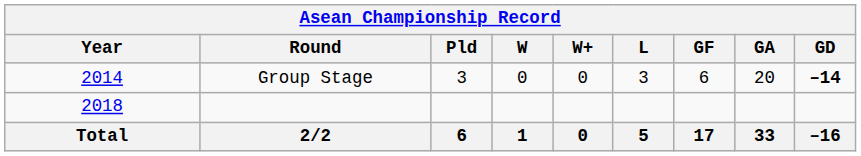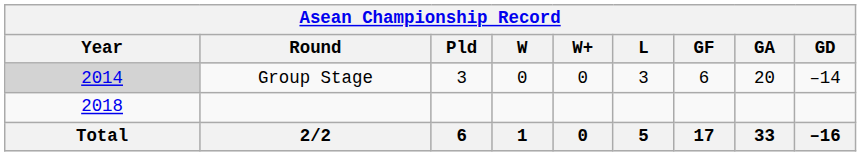 <table class="wikitable" style="text-align:center; font-size:90%;">
 <tr>
 <th colspan=9><a href='#'>Asean Championship Record</a></th>
 </tr>
 <tr>
 <th width=125>Year</th>
 <th width=150>Round</th>
 <th width=35>Pld</th>
 <th width=35>W</th>
 <th width=35>W+</th>
 <th width=35>L</th>
 <th width=35>GF</th>
 <th width=35>GA</th>
 <th width=35>GD</th>
 </tr>
 <tr>
-<td> <a href='#'>2014</a></td>
+<td style="background: lightgrey;"> <a href='#'>2014</a></td>
 <td>Group Stage</td>
 <td>3</td>
 <td>0</td>
 <td>0</td>
 <td>3</td>
 <td>6</td>
 <td>20</td>
-<td><strong>–14</strong></td>
+<td>–14</td>
 </tr>
 <tr>
 <td> <a href='#'>2018</a></td>
 <td></td>
 <td></td>
 <td></td>
 <td></td>
 <td></td>
 <td></td>
 <td></td>
 <td></td>
 </tr>
 <tr>
 <th>Total</th>
 <th>2/2</th>
 <th>6</th>
 <th>1</th>
 <th>0</th>
 <th>5</th>
 <th>17</th>
 <th>33</th>
 <th>–16</th>
 </tr>
 </table>
